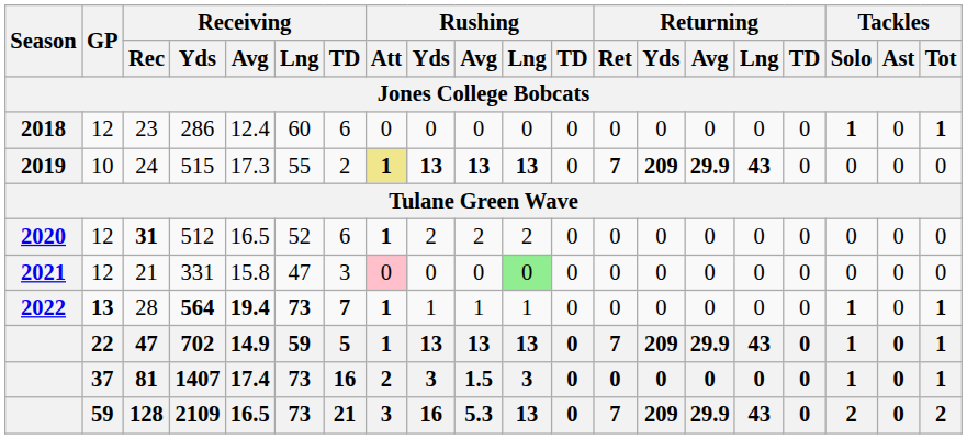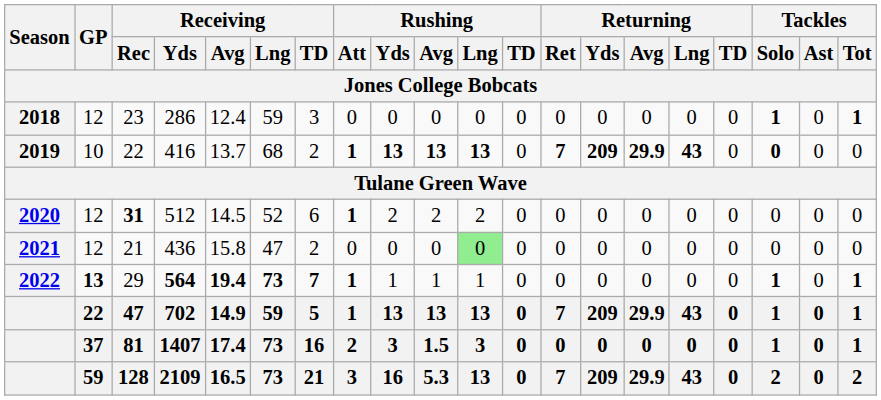 <table class="wikitable" style="text-align:center;">
 <tr>
 <th rowspan="2">Season</th>
 <th rowspan="2">GP</th>
 <th colspan="5">Receiving</th>
 <th colspan="5">Rushing</th>
 <th colspan="5">Returning</th>
 <th colspan="3">Tackles</th>
 </tr>
 <tr>
 <th>Rec</th>
 <th>Yds</th>
 <th>Avg</th>
 <th>Lng</th>
 <th>TD</th>
 <th>Att</th>
 <th>Yds</th>
 <th>Avg</th>
 <th>Lng</th>
 <th>TD</th>
 <th>Ret</th>
 <th>Yds</th>
 <th>Avg</th>
 <th>Lng</th>
 <th>TD</th>
 <th>Solo</th>
 <th>Ast</th>
 <th>Tot</th>
 </tr>
 <tr>
 <th colspan="20">Jones College Bobcats</th>
 </tr>
 <tr>
 <th>2018</th>
 <td>12</td>
 <td>23</td>
 <td>286</td>
 <td>12.4</td>
-<td>60</td>
-<td>6</td>
+<td>59</td>
+<td>3</td>
 <td>0</td>
 <td>0</td>
 <td>0</td>
 <td>0</td>
 <td>0</td>
 <td>0</td>
 <td>0</td>
 <td>0</td>
 <td>0</td>
 <td>0</td>
 <td><strong>1</strong></td>
 <td>0</td>
 <td><strong>1</strong></td>
 </tr>
 <tr>
 <th>2019</th>
 <td>10</td>
-<td>24</td>
-<td>515</td>
-<td>17.3</td>
-<td>55</td>
+<td>22</td>
+<td>416</td>
+<td>13.7</td>
+<td>68</td>
 <td>2</td>
-<td style="background: khaki;"><strong>1</strong></td>
+<td><strong>1</strong></td>
 <td><strong>13</strong></td>
 <td><strong>13</strong></td>
 <td><strong>13</strong></td>
 <td>0</td>
 <td><strong>7</strong></td>
 <td><strong>209</strong></td>
 <td><strong>29.9</strong></td>
 <td><strong>43</strong></td>
 <td>0</td>
-<td>0</td>
+<td><strong>0</strong></td>
 <td>0</td>
 <td>0</td>
 </tr>
 <tr>
 <th colspan="20">Tulane Green Wave</th>
 </tr>
 <tr>
 <th><a href='#'>2020</a></th>
 <td>12</td>
 <td><strong>31</strong></td>
 <td>512</td>
-<td>16.5</td>
+<td>14.5</td>
 <td>52</td>
 <td>6</td>
 <td><strong>1</strong></td>
 <td>2</td>
 <td>2</td>
 <td>2</td>
 <td>0</td>
 <td>0</td>
 <td>0</td>
 <td>0</td>
 <td>0</td>
 <td>0</td>
 <td>0</td>
 <td>0</td>
 <td>0</td>
 </tr>
 <tr>
 <th><a href='#'>2021</a></th>
 <td>12</td>
 <td>21</td>
-<td>331</td>
+<td>436</td>
 <td>15.8</td>
 <td>47</td>
-<td>3</td>
-<td style="background: pink;">0</td>
+<td>2</td>
+<td>0</td>
 <td>0</td>
 <td>0</td>
 <td style="background: lightgreen;">0</td>
 <td>0</td>
 <td>0</td>
 <td>0</td>
 <td>0</td>
 <td>0</td>
 <td>0</td>
 <td>0</td>
 <td>0</td>
 <td>0</td>
 </tr>
 <tr>
 <th><a href='#'>2022</a></th>
 <td><strong>13</strong></td>
-<td>28</td>
+<td>29</td>
 <td><strong>564</strong></td>
 <td><strong>19.4</strong></td>
 <td><strong>73</strong></td>
 <td><strong>7</strong></td>
 <td><strong>1</strong></td>
 <td>1</td>
 <td>1</td>
 <td>1</td>
 <td>0</td>
 <td>0</td>
 <td>0</td>
 <td>0</td>
 <td>0</td>
 <td>0</td>
 <td><strong>1</strong></td>
 <td>0</td>
 <td><strong>1</strong></td>
 </tr>
 <tr>
 <th></th>
 <th>22</th>
 <th>47</th>
 <th>702</th>
 <th>14.9</th>
 <th>59</th>
 <th>5</th>
 <th>1</th>
 <th>13</th>
 <th>13</th>
 <th>13</th>
 <th>0</th>
 <th>7</th>
 <th>209</th>
 <th>29.9</th>
 <th>43</th>
 <th>0</th>
 <th>1</th>
 <th>0</th>
 <th>1</th>
 </tr>
 <tr>
 <th></th>
 <th>37</th>
 <th>81</th>
 <th>1407</th>
 <th>17.4</th>
 <th>73</th>
 <th>16</th>
 <th>2</th>
 <th>3</th>
 <th>1.5</th>
 <th>3</th>
 <th>0</th>
 <th>0</th>
 <th>0</th>
 <th>0</th>
 <th>0</th>
 <th>0</th>
 <th>1</th>
 <th>0</th>
 <th>1</th>
 </tr>
 <tr>
 <th></th>
 <th>59</th>
 <th>128</th>
 <th>2109</th>
 <th>16.5</th>
 <th>73</th>
 <th>21</th>
 <th>3</th>
 <th>16</th>
 <th>5.3</th>
 <th>13</th>
 <th>0</th>
 <th>7</th>
 <th>209</th>
 <th>29.9</th>
 <th>43</th>
 <th>0</th>
 <th>2</th>
 <th>0</th>
 <th>2</th>
 </tr>
 </table>
